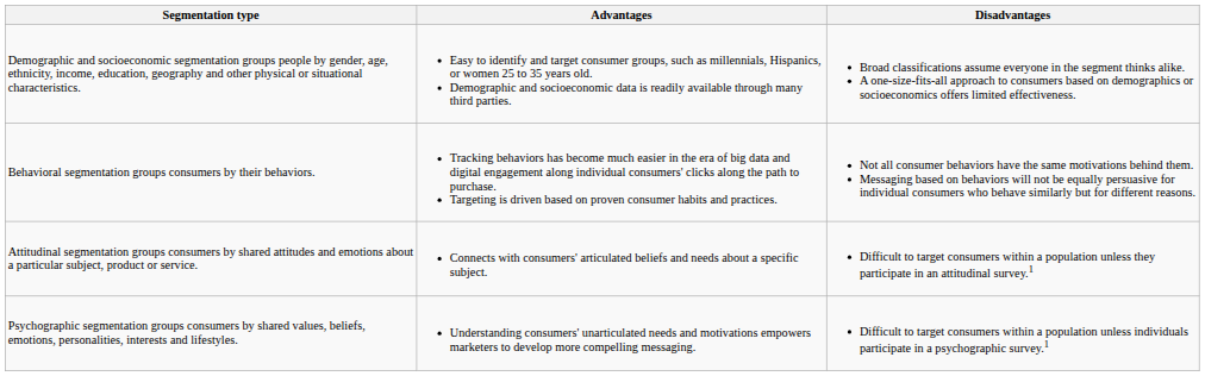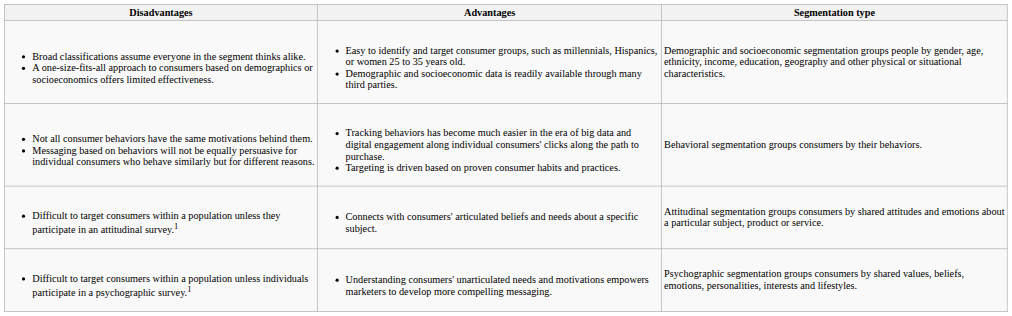 <table class="wikitable">
 <tr>
+<th>Disadvantages</th>
+<th>Advantages</th>
 <th>Segmentation type</th>
-<th>Advantages</th>
-<th>Disadvantages</th>
 </tr>
 <tr>
+<td><br><ul><li>Broad classifications assume everyone in the segment thinks alike.</li><li>A one-size-fits-all approach to consumers based on demographics or socioeconomics offers limited effectiveness.</li></ul></td>
+<td><br><ul><li>Easy to identify and target consumer groups, such as millennials, Hispanics, or women 25 to 35 years old.</li><li>Demographic and socioeconomic data is readily available through many third parties.</li></ul></td>
 <td>Demographic and socioeconomic segmentation groups people by gender, age, ethnicity, income, education, geography and other physical or situational characteristics.</td>
-<td><br><ul><li>Easy to identify and target consumer groups, such as millennials, Hispanics, or women 25 to 35 years old.</li><li>Demographic and socioeconomic data is readily available through many third parties.</li></ul></td>
-<td><br><ul><li>Broad classifications assume everyone in the segment thinks alike.</li><li>A one-size-fits-all approach to consumers based on demographics or socioeconomics offers limited effectiveness.</li></ul></td>
 </tr>
 <tr>
+<td><br><ul><li>Not all consumer behaviors have the same motivations behind them.</li><li>Messaging based on behaviors will not be equally persuasive for individual consumers who behave similarly but for different reasons.</li></ul></td>
+<td><br><ul><li>Tracking behaviors has become much easier in the era of big data and digital engagement along individual consumers' clicks along the path to purchase.</li><li>Targeting is driven based on proven consumer habits and practices.</li></ul></td>
 <td>Behavioral segmentation groups consumers by their behaviors.</td>
-<td><br><ul><li>Tracking behaviors has become much easier in the era of big data and digital engagement along individual consumers' clicks along the path to purchase.</li><li>Targeting is driven based on proven consumer habits and practices.</li></ul></td>
-<td><br><ul><li>Not all consumer behaviors have the same motivations behind them.</li><li>Messaging based on behaviors will not be equally persuasive for individual consumers who behave similarly but for different reasons.</li></ul></td>
 </tr>
 <tr>
+<td><br><ul><li>Difficult to target consumers within a population unless they participate in an attitudinal survey.<sup>1</sup></li></ul></td>
+<td><br><ul><li>Connects with consumers' articulated beliefs and needs about a specific subject.</li></ul></td>
 <td>Attitudinal segmentation groups consumers by shared attitudes and emotions about a particular subject, product or service.</td>
-<td><br><ul><li>Connects with consumers' articulated beliefs and needs about a specific subject.</li></ul></td>
-<td><br><ul><li>Difficult to target consumers within a population unless they participate in an attitudinal survey.<sup>1</sup></li></ul></td>
 </tr>
 <tr>
+<td><br><ul><li>Difficult to target consumers within a population unless individuals participate in a psychographic survey.<sup>1</sup></li></ul></td>
+<td><br><ul><li>Understanding consumers' unarticulated needs and motivations empowers marketers to develop more compelling messaging.</li></ul></td>
 <td>Psychographic segmentation groups consumers by shared values, beliefs, emotions, personalities, interests and lifestyles.</td>
-<td><br><ul><li>Understanding consumers' unarticulated needs and motivations empowers marketers to develop more compelling messaging.</li></ul></td>
-<td><br><ul><li>Difficult to target consumers within a population unless individuals participate in a psychographic survey.<sup>1</sup></li></ul></td>
 </tr>
 </table>
